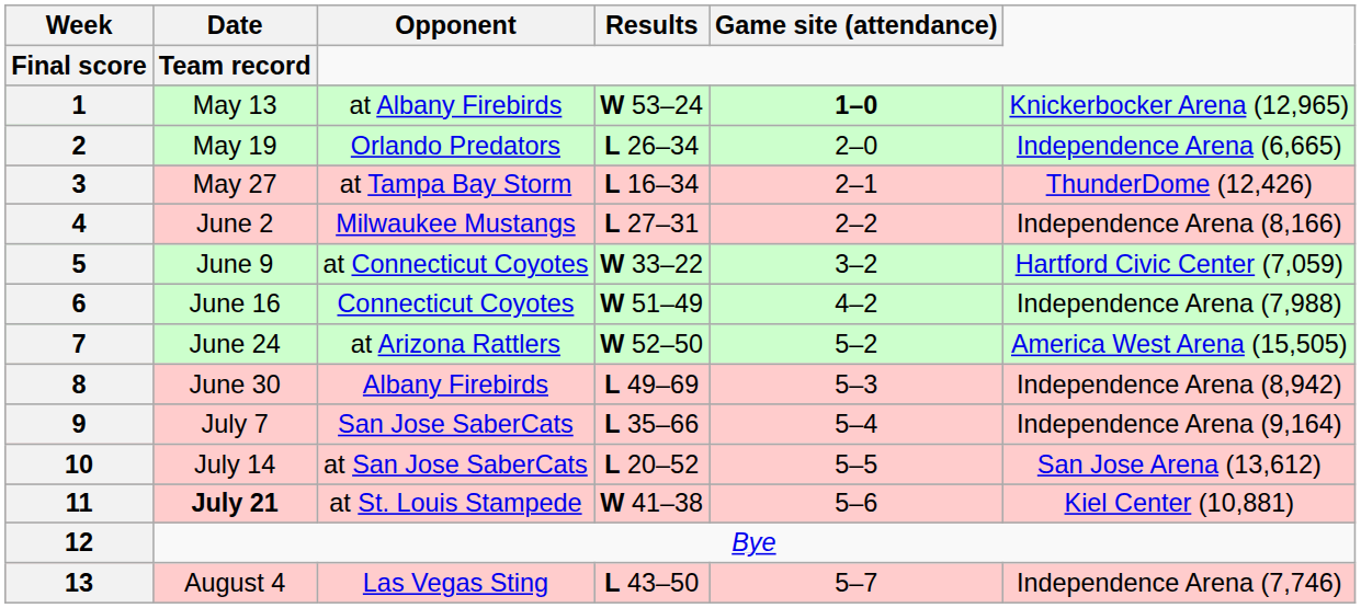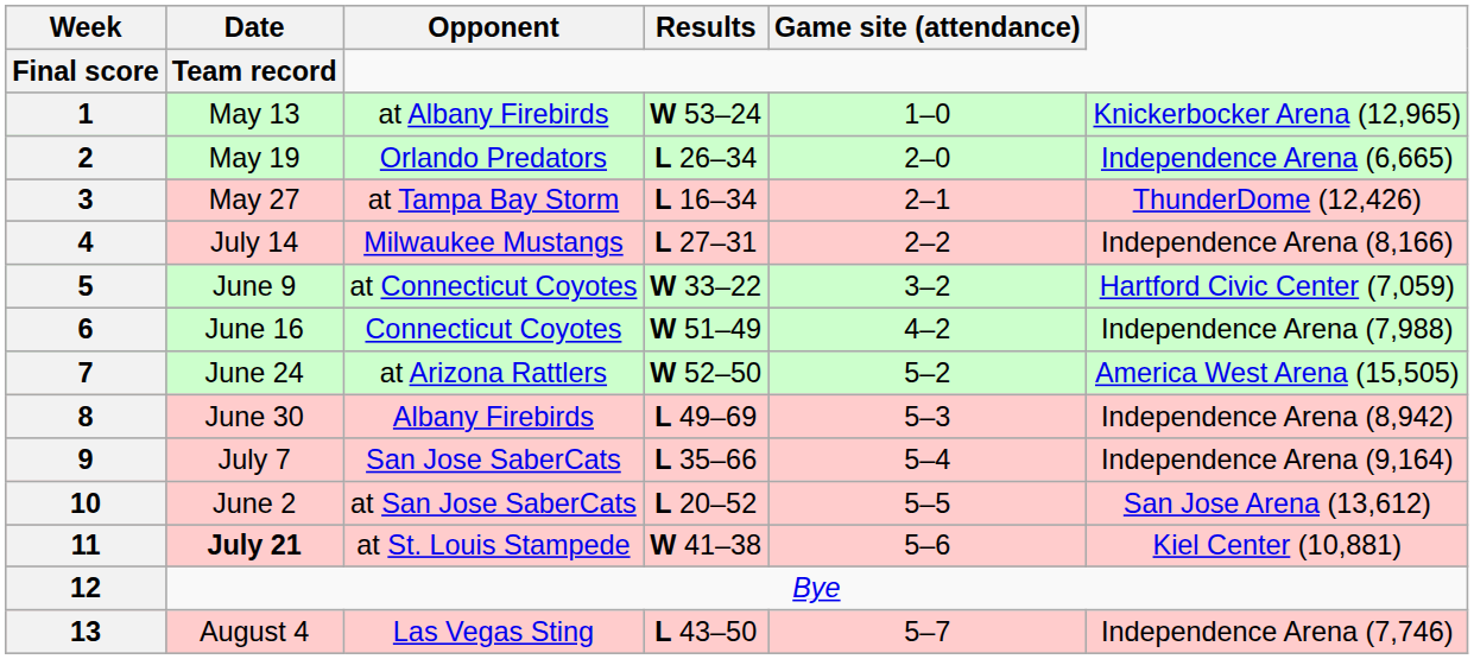 <table class="wikitable" style="font-size: 92%;" "align=center">
 <tr>
 <th>Week</th>
 <th>Date</th>
 <th>Opponent</th>
 <th>Results</th>
 <th>Game site (attendance)</th>
 </tr>
 <tr>
 <th>Final score</th>
 <th>Team record</th>
 </tr>
 <tr style="background:#cfc">
 <th>1</th>
 <td style="text-align:center;">May 13</td>
 <td style="text-align:center;">at <a href='#'>Albany Firebirds</a></td>
 <td style="text-align:center;"><strong>W</strong> 53–24</td>
-<td style="text-align:center;"><strong>1–0</strong></td>
+<td style="text-align:center;">1–0</td>
 <td style="text-align:center;"><a href='#'>Knickerbocker Arena</a> (12,965)</td>
 </tr>
 <tr style="background:#cfc">
 <th>2</th>
 <td style="text-align:center;">May 19</td>
 <td style="text-align:center;"><a href='#'>Orlando Predators</a></td>
 <td style="text-align:center;"><strong>L</strong> 26–34</td>
 <td style="text-align:center;">2–0</td>
 <td style="text-align:center;"><a href='#'>Independence Arena</a> (6,665)</td>
 </tr>
 <tr style="background:#fcc">
 <th>3</th>
 <td style="text-align:center;">May 27</td>
 <td style="text-align:center;">at <a href='#'>Tampa Bay Storm</a></td>
 <td style="text-align:center;"><strong>L</strong> 16–34</td>
 <td style="text-align:center;">2–1</td>
 <td style="text-align:center;"><a href='#'>ThunderDome</a> (12,426)</td>
 </tr>
 <tr style="background:#fcc">
 <th>4</th>
-<td style="text-align:center;">June 2</td>
+<td style="text-align:center;">July 14</td>
 <td style="text-align:center;"><a href='#'>Milwaukee Mustangs</a></td>
 <td style="text-align:center;"><strong>L</strong> 27–31</td>
 <td style="text-align:center;">2–2</td>
 <td style="text-align:center;">Independence Arena (8,166)</td>
 </tr>
 <tr style="background:#cfc">
 <th>5</th>
 <td style="text-align:center;">June 9</td>
 <td style="text-align:center;">at <a href='#'>Connecticut Coyotes</a></td>
 <td style="text-align:center;"><strong>W</strong> 33–22</td>
 <td style="text-align:center;">3–2</td>
 <td style="text-align:center;"><a href='#'>Hartford Civic Center</a> (7,059)</td>
 </tr>
 <tr style="background:#cfc">
 <th>6</th>
 <td style="text-align:center;">June 16</td>
 <td style="text-align:center;"><a href='#'>Connecticut Coyotes</a></td>
 <td style="text-align:center;"><strong>W</strong> 51–49</td>
 <td style="text-align:center;">4–2</td>
 <td style="text-align:center;">Independence Arena (7,988)</td>
 </tr>
 <tr style="background:#cfc">
 <th>7</th>
 <td style="text-align:center;">June 24</td>
 <td style="text-align:center;">at <a href='#'>Arizona Rattlers</a></td>
 <td style="text-align:center;"><strong>W</strong> 52–50</td>
 <td style="text-align:center;">5–2</td>
 <td style="text-align:center;"><a href='#'>America West Arena</a> (15,505)</td>
 </tr>
 <tr style="background:#fcc">
 <th>8</th>
 <td style="text-align:center;">June 30</td>
 <td style="text-align:center;"><a href='#'>Albany Firebirds</a></td>
 <td style="text-align:center;"><strong>L</strong> 49–69</td>
 <td style="text-align:center;">5–3</td>
 <td style="text-align:center;">Independence Arena (8,942)</td>
 </tr>
 <tr style="background:#fcc">
 <th>9</th>
 <td style="text-align:center;">July 7</td>
 <td style="text-align:center;"><a href='#'>San Jose SaberCats</a></td>
 <td style="text-align:center;"><strong>L</strong> 35–66</td>
 <td style="text-align:center;">5–4</td>
 <td style="text-align:center;">Independence Arena (9,164)</td>
 </tr>
 <tr style="background:#fcc">
 <th>10</th>
-<td style="text-align:center;">July 14</td>
+<td style="text-align:center;">June 2</td>
 <td style="text-align:center;">at <a href='#'>San Jose SaberCats</a></td>
 <td style="text-align:center;"><strong>L</strong> 20–52</td>
 <td style="text-align:center;">5–5</td>
 <td style="text-align:center;"><a href='#'>San Jose Arena</a> (13,612)</td>
 </tr>
 <tr style="background:#fcc">
 <th>11</th>
 <td style="text-align:center;"><strong>July 21</strong></td>
 <td style="text-align:center;">at <a href='#'>St. Louis Stampede</a></td>
 <td style="text-align:center;"><strong>W</strong> 41–38</td>
 <td style="text-align:center;">5–6</td>
 <td style="text-align:center;"><a href='#'>Kiel Center</a> (10,881)</td>
 </tr>
 <tr style=>
 <th>12</th>
 <td colspan="8" style="text-align:center;"><em><a href='#'>Bye</a></em></td>
 </tr>
 <tr style="background:#fcc">
 <th>13</th>
 <td style="text-align:center;">August 4</td>
 <td style="text-align:center;"><a href='#'>Las Vegas Sting</a></td>
 <td style="text-align:center;"><strong>L</strong> 43–50</td>
 <td style="text-align:center;">5–7</td>
 <td style="text-align:center;">Independence Arena (7,746)</td>
 </tr>
 </table>
